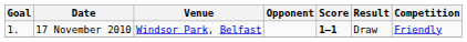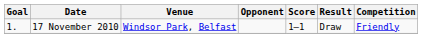 <table class="wikitable">
 <tr>
 <th>Goal</th>
 <th>Date</th>
 <th>Venue</th>
 <th>Opponent</th>
 <th>Score</th>
 <th>Result</th>
 <th>Competition</th>
 </tr>
 <tr>
 <td>1.</td>
 <td>17 November 2010</td>
 <td><a href='#'>Windsor Park</a>, <a href='#'>Belfast</a></td>
 <td></td>
-<td><strong>1–1</strong></td>
+<td>1–1</td>
 <td>Draw</td>
 <td><a href='#'>Friendly</a></td>
 </tr>
 <tr>
 </tr>
 </table>
